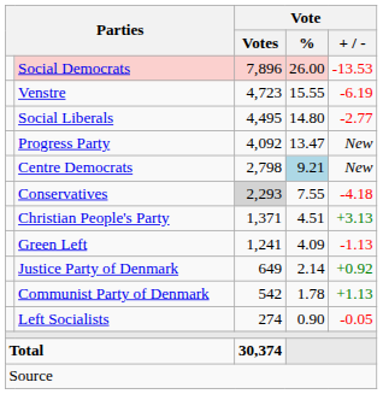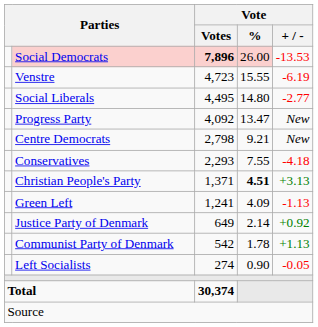 <table class="wikitable" style="text-align:right;">
 <tr>
 <th style="text-align:centre;" rowspan="2" colspan="2" width="225">Parties</th>
 <th colspan="3">Vote</th>
 </tr>
 <tr>
 <th width="15">Votes</th>
 <th width="15">%</th>
 <th width="15">+ / -</th>
 </tr>
 <tr>
 <td width="2" style="color:inherit;background:"></td>
 <td bgcolor=#fbd0ce  align="left"><a href='#'>Social Democrats</a></td>
-<td bgcolor=#fbd0ce>7,896</td>
+<td bgcolor=#fbd0ce><strong>7,896</strong></td>
 <td bgcolor=#fbd0ce>26.00</td>
 <td style=color:red;>-13.53</td>
 </tr>
 <tr>
 <td width="2" style="color:inherit;background:"></td>
 <td align="left"><a href='#'>Venstre</a></td>
 <td>4,723</td>
 <td>15.55</td>
 <td style=color:red;>-6.19</td>
 </tr>
 <tr>
 <td width="2" style="color:inherit;background:"></td>
 <td align="left"><a href='#'>Social Liberals</a></td>
 <td>4,495</td>
 <td>14.80</td>
 <td style=color:red;>-2.77</td>
 </tr>
 <tr>
 <td width="2" style="color:inherit;background:"></td>
 <td align="left"><a href='#'>Progress Party</a></td>
 <td>4,092</td>
 <td>13.47</td>
 <td><em>New</em></td>
 </tr>
 <tr>
 <td width="2" style="color:inherit;background:"></td>
 <td align="left"><a href='#'>Centre Democrats</a></td>
 <td>2,798</td>
-<td style="background: lightblue;">9.21</td>
+<td>9.21</td>
 <td><em>New</em></td>
 </tr>
 <tr>
 <td width="2" style="color:inherit;background:"></td>
 <td align="left"><a href='#'>Conservatives</a></td>
-<td style="background: lightgrey;">2,293</td>
+<td>2,293</td>
 <td>7.55</td>
 <td style=color:red;>-4.18</td>
 </tr>
 <tr>
 <td width="2" style="color:inherit;background:"></td>
 <td align="left"><a href='#'>Christian People's Party</a></td>
 <td>1,371</td>
-<td>4.51</td>
+<td><strong>4.51</strong></td>
 <td style=color:green;>+3.13</td>
 </tr>
 <tr>
 <td width="2" style="color:inherit;background:"></td>
 <td align="left"><a href='#'>Green Left</a></td>
 <td>1,241</td>
 <td>4.09</td>
 <td style=color:red;>-1.13</td>
 </tr>
 <tr>
 <td width="2" style="color:inherit;background:"></td>
 <td align="left"><a href='#'>Justice Party of Denmark</a></td>
 <td>649</td>
 <td>2.14</td>
 <td style=color:green;>+0.92</td>
 </tr>
 <tr>
 <td width="2" style="color:inherit;background:"></td>
 <td align="left"><a href='#'>Communist Party of Denmark</a></td>
 <td>542</td>
 <td>1.78</td>
 <td style=color:green;>+1.13</td>
 </tr>
 <tr>
 <td width="2" style="color:inherit;background:"></td>
 <td align="left"><a href='#'>Left Socialists</a></td>
 <td>274</td>
 <td>0.90</td>
 <td style=color:red;>-0.05</td>
 </tr>
 <tr>
 <td colspan="7" bgcolor="#E9E9E9"></td>
 </tr>
 <tr>
 <td align="left" colspan="2"><strong>Total</strong></td>
 <td><strong>30,374</strong></td>
 <td bgcolor="#E9E9E9" colspan="2"></td>
 </tr>
 <tr>
 <td align="left" colspan="6">Source</td>
 </tr>
 </table>
